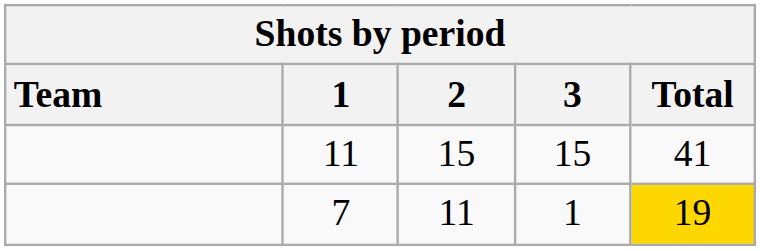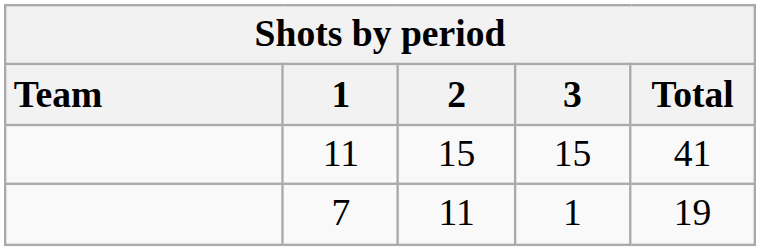 <table class="wikitable" style="width:20em; text-align:right;">
 <tr>
 <th colspan=5>Shots by period</th>
 </tr>
 <tr>
 <th style="width:8em; text-align:left;">Team</th>
 <th style="width:3em;">1</th>
 <th style="width:3em;">2</th>
 <th style="width:3em;">3</th>
 <th style="width:3em;">Total</th>
 </tr>
 <tr>
 <td style="text-align:left;"></td>
 <td align=center>11</td>
 <td align=center>15</td>
 <td align=center>15</td>
 <td align=center>41</td>
 </tr>
 <tr>
 <td style="text-align:left;"></td>
 <td align=center>7</td>
 <td align=center>11</td>
 <td align=center>1</td>
-<td align=center style="background: gold;">19</td>
+<td align=center>19</td>
 </tr>
 </table>
